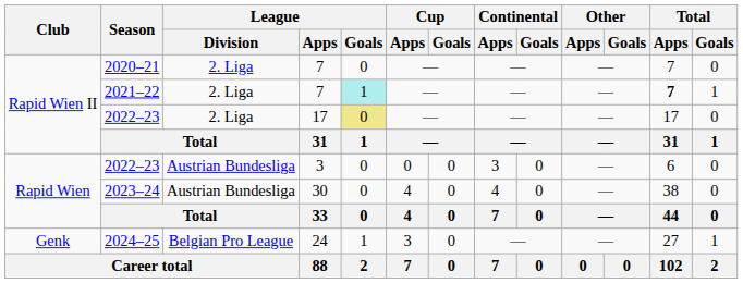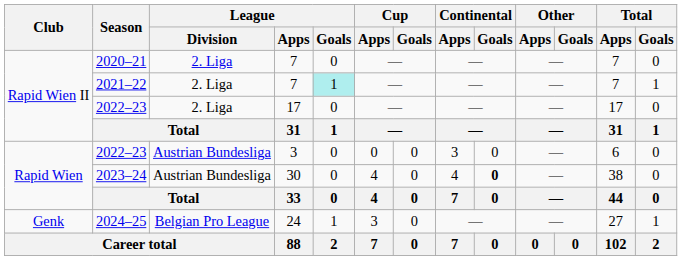 <table class="wikitable" style="text-align: center">
 <tr>
 <th rowspan="2">Club</th>
 <th rowspan="2">Season</th>
 <th colspan="3">League</th>
 <th colspan="2">Cup</th>
 <th colspan="2">Continental</th>
 <th colspan="2">Other</th>
 <th colspan="2">Total</th>
 </tr>
 <tr>
 <th>Division</th>
 <th>Apps</th>
 <th>Goals</th>
 <th>Apps</th>
 <th>Goals</th>
 <th>Apps</th>
 <th>Goals</th>
 <th>Apps</th>
 <th>Goals</th>
 <th>Apps</th>
 <th>Goals</th>
 </tr>
 <tr>
 <td rowspan="4"><a href='#'>Rapid Wien</a> II</td>
 <td><a href='#'>2020–21</a></td>
 <td><a href='#'>2. Liga</a></td>
 <td>7</td>
 <td>0</td>
 <td colspan="2">—</td>
 <td colspan="2">—</td>
 <td colspan="2">—</td>
 <td>7</td>
 <td>0</td>
 </tr>
 <tr>
 <td><a href='#'>2021–22</a></td>
 <td>2. Liga</td>
 <td>7</td>
 <td style="background: paleturquoise;">1</td>
 <td colspan="2">—</td>
 <td colspan="2">—</td>
 <td colspan="2">—</td>
-<td><strong>7</strong></td>
+<td>7</td>
 <td>1</td>
 </tr>
 <tr>
 <td><a href='#'>2022–23</a></td>
 <td>2. Liga</td>
 <td>17</td>
-<td style="background: khaki;">0</td>
+<td>0</td>
 <td colspan="2">—</td>
 <td colspan="2">—</td>
 <td colspan="2">—</td>
 <td>17</td>
 <td>0</td>
 </tr>
 <tr>
 <th colspan="2">Total</th>
 <th>31</th>
 <th>1</th>
 <th colspan="2">—</th>
 <th colspan="2">—</th>
 <th colspan="2">—</th>
 <th>31</th>
 <th>1</th>
 </tr>
 <tr>
 <td rowspan="3"><a href='#'>Rapid Wien</a></td>
 <td><a href='#'>2022–23</a></td>
 <td><a href='#'>Austrian Bundesliga</a></td>
 <td>3</td>
 <td>0</td>
 <td>0</td>
 <td>0</td>
 <td>3</td>
 <td>0</td>
 <td colspan="2">—</td>
 <td>6</td>
 <td>0</td>
 </tr>
 <tr>
 <td><a href='#'>2023–24</a></td>
 <td>Austrian Bundesliga</td>
 <td>30</td>
 <td>0</td>
 <td>4</td>
 <td>0</td>
 <td>4</td>
-<td>0</td>
+<td><strong>0</strong></td>
 <td colspan="2">—</td>
 <td>38</td>
 <td>0</td>
 </tr>
 <tr>
 <th colspan="2">Total</th>
 <th>33</th>
 <th>0</th>
 <th>4</th>
 <th>0</th>
 <th>7</th>
 <th>0</th>
 <th colspan="2">—</th>
 <th>44</th>
 <th>0</th>
 </tr>
 <tr>
 <td><a href='#'>Genk</a></td>
 <td><a href='#'>2024–25</a></td>
 <td><a href='#'>Belgian Pro League</a></td>
 <td>24</td>
 <td>1</td>
 <td>3</td>
 <td>0</td>
 <td colspan="2">—</td>
 <td colspan="2">—</td>
 <td>27</td>
 <td>1</td>
 </tr>
 <tr>
 <th colspan="3">Career total</th>
 <th>88</th>
 <th>2</th>
 <th>7</th>
 <th>0</th>
 <th>7</th>
 <th>0</th>
 <th>0</th>
 <th>0</th>
 <th>102</th>
 <th>2</th>
 </tr>
 </table>
